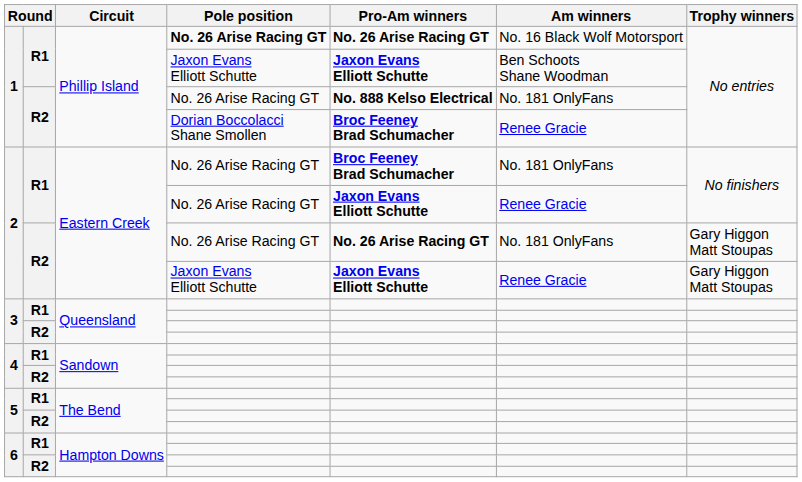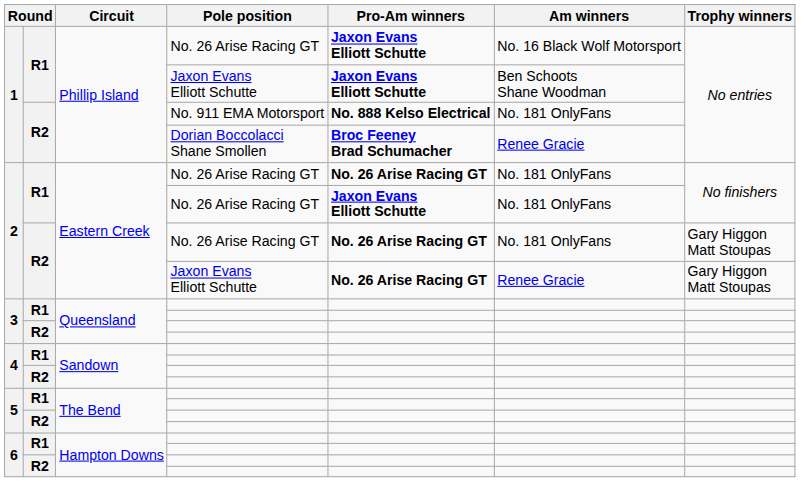 <table class="wikitable" style=font-size:85%;>
 <tr>
 <th colspan="2">Round</th>
 <th>Circuit</th>
 <th>Pole position</th>
 <th>Pro-Am winners</th>
 <th>Am winners</th>
 <th>Trophy winners</th>
 </tr>
 <tr>
 <th rowspan="4">1</th>
 <th rowspan="2">R1</th>
 <td rowspan="4"> <a href='#'>Phillip Island</a></td>
-<td><strong> No. 26 Arise Racing GT</strong></td>
-<td><strong> No. 26 Arise Racing GT</strong></td>
+<td> No. 26 Arise Racing GT</td>
+<td><strong> <a href='#'>Jaxon Evans</a><br> Elliott Schutte</strong></td>
 <td> No. 16 Black Wolf Motorsport</td>
 <td rowspan=4 align=center><em>No entries</em></td>
 </tr>
 <tr>
 <td> <a href='#'>Jaxon Evans</a><br> Elliott Schutte</td>
 <td><strong> <a href='#'>Jaxon Evans</a><br> Elliott Schutte</strong></td>
 <td> Ben Schoots<br> Shane Woodman</td>
 </tr>
 <tr>
 <th rowspan="2">R2</th>
-<td> No. 26 Arise Racing GT</td>
+<td> No. 911 EMA Motorsport</td>
 <td> <strong>No. 888 Kelso Electrical</strong></td>
 <td> No. 181 OnlyFans</td>
 </tr>
 <tr>
 <td> <a href='#'>Dorian Boccolacci</a><br> Shane Smollen</td>
 <td><strong> <a href='#'>Broc Feeney</a><br> Brad Schumacher</strong></td>
 <td> <a href='#'>Renee Gracie</a></td>
 </tr>
 <tr>
 <th rowspan="4">2</th>
 <th rowspan="2">R1</th>
 <td rowspan="4"> <a href='#'>Eastern Creek</a></td>
 <td> No. 26 Arise Racing GT</td>
-<td><strong> <a href='#'>Broc Feeney</a><br> Brad Schumacher</strong></td>
+<td><strong> No. 26 Arise Racing GT</strong></td>
 <td> No. 181 OnlyFans</td>
 <td rowspan=2 align=center><em>No finishers</em></td>
 </tr>
 <tr>
 <td> No. 26 Arise Racing GT</td>
 <td><strong> <a href='#'>Jaxon Evans</a><br> Elliott Schutte</strong></td>
-<td> <a href='#'>Renee Gracie</a></td>
+<td> No. 181 OnlyFans</td>
 </tr>
 <tr>
 <th rowspan="2">R2</th>
 <td> No. 26 Arise Racing GT</td>
 <td><strong> No. 26 Arise Racing GT</strong></td>
 <td> No. 181 OnlyFans</td>
 <td> Gary Higgon<br> Matt Stoupas</td>
 </tr>
 <tr>
 <td> <a href='#'>Jaxon Evans</a><br> Elliott Schutte</td>
-<td><strong> <a href='#'>Jaxon Evans</a><br> Elliott Schutte</strong></td>
+<td><strong> No. 26 Arise Racing GT</strong></td>
 <td> <a href='#'>Renee Gracie</a></td>
 <td> Gary Higgon<br> Matt Stoupas</td>
 </tr>
 <tr>
 <th rowspan="4">3</th>
 <th rowspan="2">R1</th>
 <td rowspan="4"> <a href='#'>Queensland</a></td>
 <td></td>
 <td></td>
 <td></td>
 <td></td>
 </tr>
 <tr>
 <td></td>
 <td></td>
 <td></td>
 <td></td>
 </tr>
 <tr>
 <th rowspan="2">R2</th>
 <td></td>
 <td></td>
 <td></td>
 <td></td>
 </tr>
 <tr>
 <td></td>
 <td></td>
 <td></td>
 <td></td>
 </tr>
 <tr>
 <th rowspan="4">4</th>
 <th rowspan="2">R1</th>
 <td rowspan="4"> <a href='#'>Sandown</a></td>
 <td></td>
 <td></td>
 <td></td>
 <td></td>
 </tr>
 <tr>
 <td></td>
 <td></td>
 <td></td>
 <td></td>
 </tr>
 <tr>
 <th rowspan="2">R2</th>
 <td></td>
 <td></td>
 <td></td>
 <td></td>
 </tr>
 <tr>
 <td></td>
 <td></td>
 <td></td>
 <td></td>
 </tr>
 <tr>
 <th rowspan="4">5</th>
 <th rowspan="2">R1</th>
 <td rowspan="4"> <a href='#'>The Bend</a></td>
 <td></td>
 <td></td>
 <td></td>
 <td></td>
 </tr>
 <tr>
 <td></td>
 <td></td>
 <td></td>
 <td></td>
 </tr>
 <tr>
 <th rowspan="2">R2</th>
 <td></td>
 <td></td>
 <td></td>
 <td></td>
 </tr>
 <tr>
 <td></td>
 <td></td>
 <td></td>
 <td></td>
 </tr>
 <tr>
 <th rowspan="4">6</th>
 <th rowspan="2">R1</th>
 <td rowspan="4"> <a href='#'>Hampton Downs</a></td>
 <td></td>
 <td></td>
 <td></td>
 <td></td>
 </tr>
 <tr>
 <td></td>
 <td></td>
 <td></td>
 <td></td>
 </tr>
 <tr>
 <th rowspan="2">R2</th>
 <td></td>
 <td></td>
 <td></td>
 <td></td>
 </tr>
 <tr>
 <td></td>
 <td></td>
 <td></td>
 <td></td>
 </tr>
 </table>
